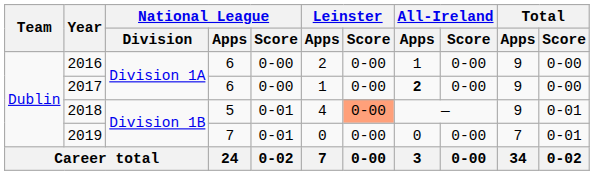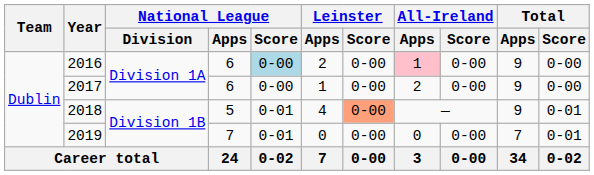 <table class="wikitable" style="text-align:center">
 <tr>
 <th rowspan="2">Team</th>
 <th rowspan="2">Year</th>
 <th colspan="3"><a href='#'>National League</a></th>
 <th colspan="2"><a href='#'>Leinster</a></th>
 <th colspan="2"><a href='#'>All-Ireland</a></th>
 <th colspan="2">Total</th>
 </tr>
 <tr>
 <th>Division</th>
 <th>Apps</th>
 <th>Score</th>
 <th>Apps</th>
 <th>Score</th>
 <th>Apps</th>
 <th>Score</th>
 <th>Apps</th>
 <th>Score</th>
 </tr>
 <tr>
 <td rowspan="4"><a href='#'>Dublin</a></td>
 <td>2016</td>
 <td rowspan="2"><a href='#'>Division 1A</a></td>
 <td>6</td>
-<td>0-00</td>
+<td style="background: lightblue;">0-00</td>
 <td>2</td>
 <td>0-00</td>
-<td>1</td>
+<td style="background: pink;">1</td>
 <td>0-00</td>
 <td>9</td>
 <td>0-00</td>
 </tr>
 <tr>
 <td>2017</td>
 <td>6</td>
 <td>0-00</td>
 <td>1</td>
 <td>0-00</td>
-<td><strong>2</strong></td>
+<td>2</td>
 <td>0-00</td>
 <td>9</td>
 <td>0-00</td>
 </tr>
 <tr>
 <td>2018</td>
 <td rowspan="2"><a href='#'>Division 1B</a></td>
 <td>5</td>
 <td>0-01</td>
 <td>4</td>
 <td style="background: lightsalmon;">0-00</td>
 <td colspan=2>—</td>
 <td>9</td>
 <td>0-01</td>
 </tr>
 <tr>
 <td>2019</td>
 <td>7</td>
 <td>0-01</td>
 <td>0</td>
 <td>0-00</td>
 <td>0</td>
 <td>0-00</td>
 <td>7</td>
 <td>0-01</td>
 </tr>
 <tr>
 <th colspan="3">Career total</th>
 <th>24</th>
 <th>0-02</th>
 <th>7</th>
 <th>0-00</th>
 <th>3</th>
 <th>0-00</th>
 <th>34</th>
 <th>0-02</th>
 </tr>
 </table>
